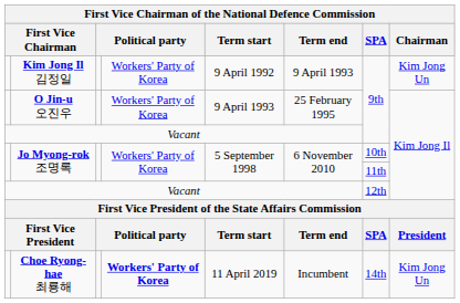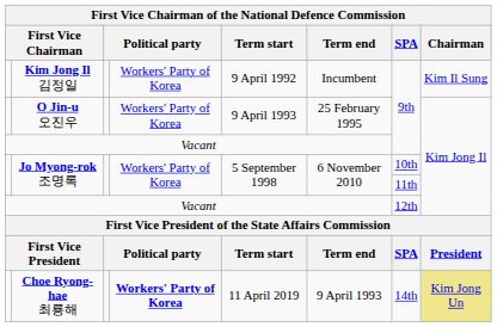 <table class="wikitable" style="text-align:center; border:1px #AAAAFF solid">
 <tr>
 <th colspan="8">First Vice Chairman of the National Defence Commission<br></th>
 </tr>
 <tr style="background:#cccccc">
 <th colspan="2">First Vice Chairman</th>
 <th colspan="2">Political party</th>
 <th>Term start</th>
 <th>Term end</th>
 <th><a href='#'>SPA</a></th>
 <th>Chairman</th>
 </tr>
 <tr>
 <td></td>
 <td><strong><a href='#'>Kim Jong Il</a></strong><br>김정일<br></td>
 <td style="background:"></td>
 <td><a href='#'>Workers' Party of Korea</a></td>
 <td>9 April 1992</td>
-<td>9 April 1993</td>
+<td>Incumbent</td>
 <td rowspan="3"><a href='#'>9th</a></td>
-<td><a href='#'>Kim Jong Un</a></td>
+<td><a href='#'>Kim Il Sung</a></td>
 </tr>
 <tr>
 <td></td>
 <td><strong><a href='#'>O Jin-u</a></strong><br>오진우<br></td>
 <td style="background:"></td>
 <td><a href='#'>Workers' Party of Korea</a></td>
 <td>9 April 1993</td>
 <td>25 February 1995</td>
 <td rowspan="6"><a href='#'>Kim Jong Il</a><br></td>
 </tr>
 <tr>
 <td colspan="6"><em>Vacant</em><br></td>
 </tr>
 <tr>
 <td rowspan="3"></td>
 <td rowspan="3"><strong><a href='#'>Jo Myong-rok</a></strong><br>조명록<br></td>
 <td rowspan="3" style="background:"></td>
 <td rowspan="3"><a href='#'>Workers' Party of Korea</a></td>
 <td rowspan="3">5 September 1998</td>
 <td rowspan="3">6 November 2010</td>
 <td><a href='#'>10th</a></td>
 </tr>
 <tr>
 <td><a href='#'>11th</a></td>
 </tr>
 <tr>
 <td rowspan="2"><a href='#'>12th</a></td>
 </tr>
 <tr>
 <td colspan="6"><em>Vacant</em><br></td>
 </tr>
 <tr>
 <th colspan="8">First Vice President of the State Affairs Commission<br></th>
 </tr>
 <tr>
 <th colspan="2">First Vice President</th>
 <th colspan="2">Political party</th>
 <th>Term start</th>
 <th>Term end</th>
 <th><a href='#'>SPA</a></th>
 <th><a href='#'>President</a></th>
 </tr>
 <tr>
 <td></td>
 <td><strong><a href='#'>Choe Ryong-hae</a></strong><br>최룡해<br></td>
 <td style="background:"></td>
 <td><strong><a href='#'>Workers' Party of Korea</a></strong></td>
 <td>11 April 2019</td>
-<td>Incumbent</td>
+<td>9 April 1993</td>
 <td><a href='#'>14th</a></td>
-<td><a href='#'>Kim Jong Un</a></td>
+<td style="background: khaki;"><a href='#'>Kim Jong Un</a></td>
 </tr>
 </table>
